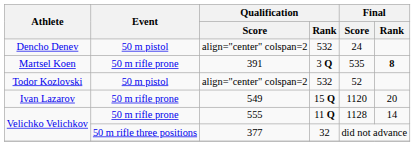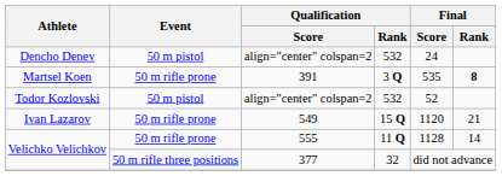 <table class="wikitable" style="font-size:90%; text-align:center;">
 <tr>
 <th rowspan="2">Athlete</th>
 <th rowspan="2">Event</th>
 <th colspan="2">Qualification</th>
 <th colspan="2">Final</th>
 </tr>
 <tr>
 <th>Score</th>
 <th>Rank</th>
 <th>Score</th>
 <th>Rank</th>
 </tr>
 <tr>
 <td rowspan=1><a href='#'>Dencho Denev</a></td>
 <td rowspan=1><a href='#'>50 m pistol</a></td>
 <td>align="center" colspan=2 </td>
 <td align="center">532</td>
 <td align="center">24</td>
 </tr>
 <tr>
 <td rowspan=1><a href='#'>Martsel Koen</a></td>
 <td><a href='#'>50 m rifle prone</a></td>
 <td align="center">391</td>
 <td align="center">3 <strong>Q</strong></td>
 <td align="center">535</td>
 <td align="center"><strong>8</strong></td>
 </tr>
 <tr>
 <td rowspan=1><a href='#'>Todor Kozlovski</a></td>
 <td rowspan=1><a href='#'>50 m pistol</a></td>
 <td>align="center" colspan=2 </td>
 <td align="center">532</td>
 <td align="center">52</td>
 </tr>
 <tr>
 <td rowspan=1><a href='#'>Ivan Lazarov</a></td>
 <td><a href='#'>50 m rifle prone</a></td>
 <td align="center">549</td>
 <td align="center">15 <strong>Q</strong></td>
 <td align="center">1120</td>
-<td align="center">20</td>
+<td align="center">21</td>
 </tr>
 <tr>
 <td rowspan=2><a href='#'>Velichko Velichkov</a></td>
 <td><a href='#'>50 m rifle prone</a></td>
 <td align="center">555</td>
 <td align="center">11 <strong>Q</strong></td>
 <td align="center">1128</td>
 <td align="center">14</td>
 </tr>
 <tr>
 <td><a href='#'>50 m rifle three positions</a></td>
 <td align="center">377</td>
 <td align="center">32</td>
 <td align="center" colspan=2>did not advance</td>
 </tr>
 <tr>
 </tr>
 </table>
